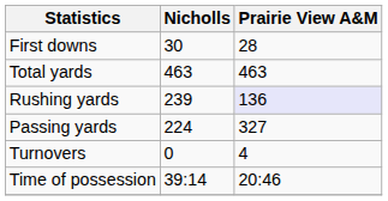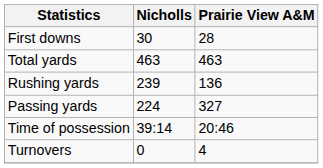 <table class="wikitable">
 <tr>
 <th>Statistics</th>
 <th>Nicholls</th>
 <th>Prairie View A&M</th>
 </tr>
 <tr>
 <td>First downs</td>
 <td>30</td>
 <td>28</td>
 </tr>
 <tr>
 <td>Total yards</td>
 <td>463</td>
 <td>463</td>
 </tr>
 <tr>
 <td>Rushing yards</td>
 <td>239</td>
-<td style="background: lavender;">136</td>
+<td>136</td>
 </tr>
 <tr>
 <td>Passing yards</td>
 <td>224</td>
 <td>327</td>
 </tr>
 <tr>
+<td>Time of possession</td>
+<td>39:14</td>
+<td>20:46</td>
+</tr>
+<tr>
 <td>Turnovers</td>
 <td>0</td>
 <td>4</td>
 </tr>
 <tr>
-<td>Time of possession</td>
-<td>39:14</td>
-<td>20:46</td>
-</tr>
-<tr>
 </tr>
 </table>
